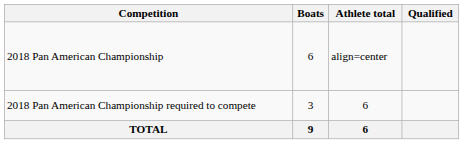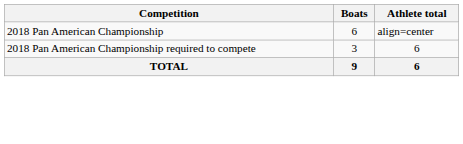 <table class="wikitable" width=650>
 <tr>
 <th>Competition</th>
 <th>Boats</th>
 <th>Athlete total</th>
-<th>Qualified</th>
 </tr>
 <tr>
 <td>2018 Pan American Championship</td>
 <td align=center>6</td>
 <td>align=center </td>
-<td><br><br><br><br><br></td>
 </tr>
 <tr>
 <td>2018 Pan American Championship required to compete</td>
 <td align=center>3</td>
 <td align=center>6</td>
-<td><br><br></td>
 </tr>
 <tr>
 <th>TOTAL</th>
 <th>9</th>
 <th>6</th>
-<th></th>
 </tr>
 </table>
